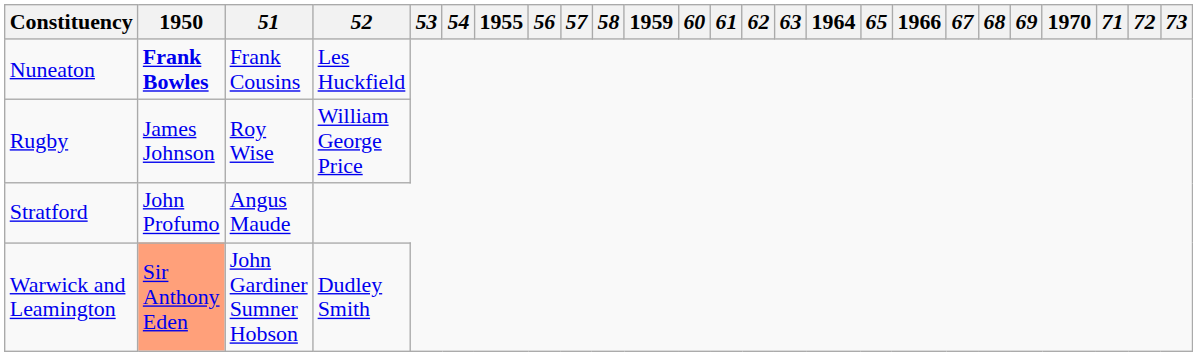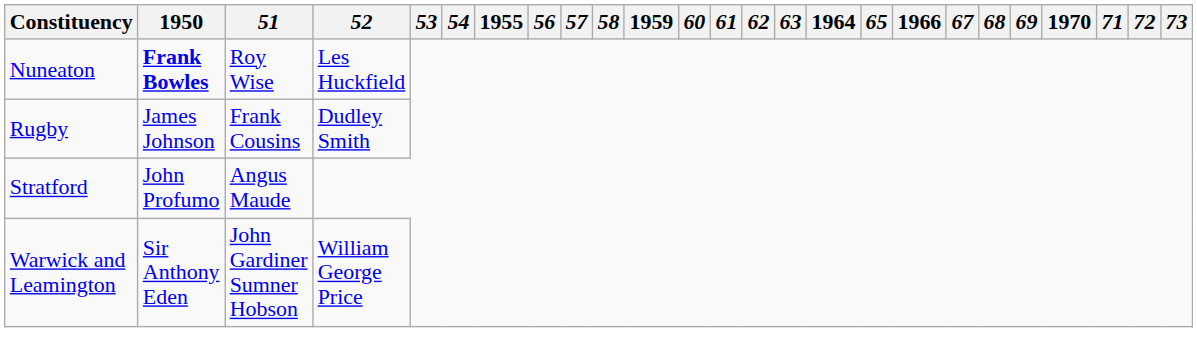 <table class="wikitable">
 <tr>
 <th>Constituency</th>
 <th>1950</th>
 <th><em>51</em></th>
 <th><em>52</em></th>
 <th><em>53</em></th>
 <th><em>54</em></th>
 <th>1955</th>
 <th><em>56</em></th>
 <th><em>57</em></th>
 <th><em>58</em></th>
 <th>1959</th>
 <th><em>60</em></th>
 <th><em>61</em></th>
 <th><em>62</em></th>
 <th><em>63</em></th>
 <th>1964</th>
 <th><em>65</em></th>
 <th>1966</th>
 <th><em>67</em></th>
 <th><em>68</em></th>
 <th><em>69</em></th>
 <th>1970</th>
 <th><em>71</em></th>
 <th><em>72</em></th>
 <th><em>73</em></th>
 </tr>
 <tr>
 <td><a href='#'>Nuneaton</a></td>
 <td><strong><a href='#'>Frank Bowles</a></strong></td>
-<td><a href='#'>Frank Cousins</a></td>
+<td><a href='#'>Roy Wise</a></td>
 <td><a href='#'>Les Huckfield</a></td>
 </tr>
 <tr>
 <td><a href='#'>Rugby</a></td>
 <td><a href='#'>James Johnson</a></td>
-<td><a href='#'>Roy Wise</a></td>
-<td><a href='#'>William George Price</a></td>
+<td><a href='#'>Frank Cousins</a></td>
+<td><a href='#'>Dudley Smith</a></td>
 </tr>
 <tr>
 <td><a href='#'>Stratford</a></td>
 <td><a href='#'>John Profumo</a></td>
 <td><a href='#'>Angus Maude</a></td>
 </tr>
 <tr>
 <td><a href='#'>Warwick and Leamington</a></td>
-<td style="background: lightsalmon;"><a href='#'>Sir Anthony Eden</a></td>
+<td><a href='#'>Sir Anthony Eden</a></td>
 <td><a href='#'>John Gardiner Sumner Hobson</a></td>
-<td><a href='#'>Dudley Smith</a></td>
+<td><a href='#'>William George Price</a></td>
 </tr>
 </table>
